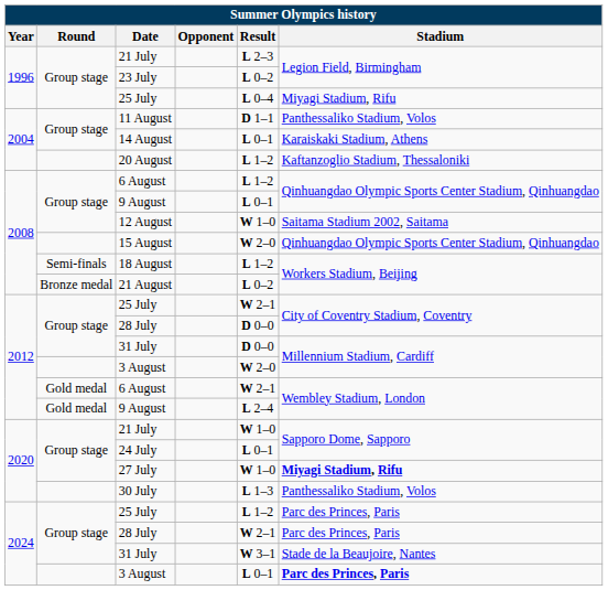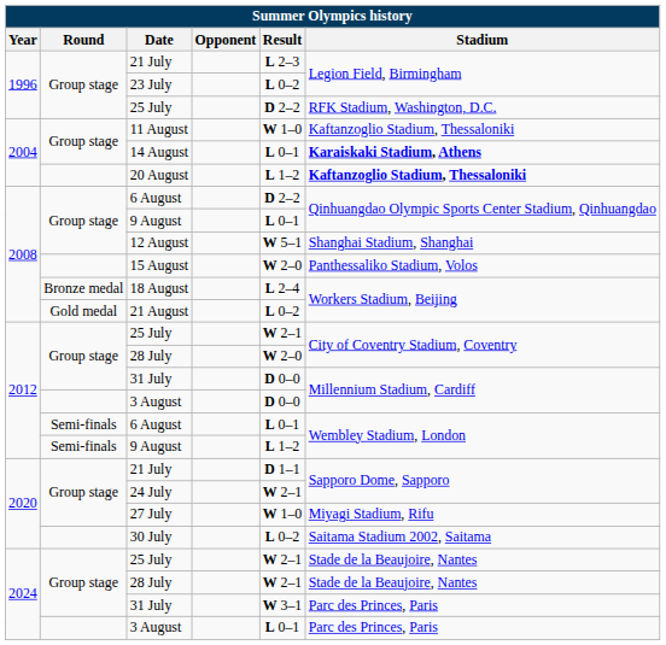 <table class="wikitable mw-collapsible" style="text-align: center;font-size:100%;">
 <tr>
 <th colspan=6 style="background: #013A5E; color: #FFFFFF;">Summer Olympics history</th>
 </tr>
 <tr>
 <th>Year</th>
 <th>Round</th>
 <th>Date</th>
 <th>Opponent</th>
 <th>Result</th>
 <th>Stadium</th>
 </tr>
 <tr>
 <td rowspan=3> <a href='#'>1996</a></td>
 <td rowspan=3>Group stage</td>
 <td align="left">21 July</td>
 <td align="left"></td>
 <td><strong>L</strong> 2–3</td>
 <td rowspan=2 align="left"><a href='#'>Legion Field</a>, <a href='#'>Birmingham</a></td>
 </tr>
 <tr>
 <td align="left">23 July</td>
 <td align="left"></td>
 <td><strong>L</strong> 0–2</td>
 </tr>
 <tr>
 <td align="left">25 July</td>
 <td align="left"></td>
-<td><strong>L</strong> 0–4</td>
-<td align="left"><a href='#'>Miyagi Stadium</a>, <a href='#'>Rifu</a></td>
+<td><strong>D</strong> 2–2</td>
+<td align="left"><a href='#'>RFK Stadium</a>, <a href='#'>Washington, D.C.</a></td>
 </tr>
 <tr>
 <td rowspan=3> <a href='#'>2004</a></td>
 <td rowspan=2>Group stage</td>
 <td align="left">11 August</td>
 <td align="left"></td>
-<td><strong>D</strong> 1–1</td>
-<td align="left"><a href='#'>Panthessaliko Stadium</a>, <a href='#'>Volos</a></td>
+<td><strong>W</strong> 1–0</td>
+<td align="left"><a href='#'>Kaftanzoglio Stadium</a>, <a href='#'>Thessaloniki</a></td>
 </tr>
 <tr>
 <td align="left">14 August</td>
 <td align="left"></td>
 <td><strong>L</strong> 0–1</td>
-<td align="left"><a href='#'>Karaiskaki Stadium</a>, <a href='#'>Athens</a></td>
+<td align="left"><strong><a href='#'>Karaiskaki Stadium</a>, <a href='#'>Athens</a></strong></td>
 </tr>
 <tr>
 <td></td>
 <td align="left">20 August</td>
 <td align="left"></td>
 <td><strong>L</strong> 1–2</td>
-<td align="left"><a href='#'>Kaftanzoglio Stadium</a>, <a href='#'>Thessaloniki</a></td>
+<td align="left"><strong><a href='#'>Kaftanzoglio Stadium</a>, <a href='#'>Thessaloniki</a></strong></td>
 </tr>
 <tr>
 <td rowspan=6> <a href='#'>2008</a></td>
 <td rowspan=3>Group stage</td>
 <td align="left">6 August</td>
 <td align="left"></td>
-<td><strong>L</strong> 1–2</td>
+<td><strong>D</strong> 2–2</td>
 <td rowspan=2 align="left"><a href='#'>Qinhuangdao Olympic Sports Center Stadium</a>, <a href='#'>Qinhuangdao</a></td>
 </tr>
 <tr>
 <td align="left">9 August</td>
 <td align="left"></td>
 <td><strong>L</strong> 0–1</td>
 </tr>
 <tr>
 <td align="left">12 August</td>
 <td align="left"></td>
-<td><strong>W</strong> 1–0</td>
-<td align="left"><a href='#'>Saitama Stadium 2002</a>, <a href='#'>Saitama</a></td>
+<td><strong>W</strong> 5–1</td>
+<td align="left"><a href='#'>Shanghai Stadium</a>, <a href='#'>Shanghai</a></td>
 </tr>
 <tr>
 <td></td>
 <td align="left">15 August</td>
 <td align="left"></td>
 <td><strong>W</strong> 2–0</td>
-<td align="left"><a href='#'>Qinhuangdao Olympic Sports Center Stadium</a>, <a href='#'>Qinhuangdao</a></td>
+<td align="left"><a href='#'>Panthessaliko Stadium</a>, <a href='#'>Volos</a></td>
 </tr>
 <tr>
-<td>Semi-finals</td>
+<td>Bronze medal</td>
 <td align="left">18 August</td>
 <td align="left"></td>
-<td><strong>L</strong> 1–2</td>
+<td><strong>L</strong> 2–4</td>
 <td rowspan=2 align="left"><a href='#'>Workers Stadium</a>, <a href='#'>Beijing</a></td>
 </tr>
 <tr>
-<td>Bronze medal</td>
+<td>Gold medal</td>
 <td align="left">21 August</td>
 <td align="left"></td>
 <td><strong>L</strong> 0–2</td>
 </tr>
 <tr>
 <td rowspan=6> <a href='#'>2012</a></td>
 <td rowspan=3>Group stage</td>
 <td align="left">25 July</td>
 <td align="left"></td>
 <td><strong>W</strong> 2–1</td>
 <td rowspan=2 align="left"><a href='#'>City of Coventry Stadium</a>, <a href='#'>Coventry</a></td>
 </tr>
 <tr>
 <td align="left">28 July</td>
 <td align="left"></td>
-<td><strong>D</strong> 0–0</td>
+<td><strong>W</strong> 2–0</td>
 </tr>
 <tr>
 <td align="left">31 July</td>
 <td align="left"></td>
 <td><strong>D</strong> 0–0</td>
 <td rowspan=2 align="left"><a href='#'>Millennium Stadium</a>, <a href='#'>Cardiff</a></td>
 </tr>
 <tr>
 <td></td>
 <td align="left">3 August</td>
 <td align="left"></td>
-<td><strong>W</strong> 2–0</td>
+<td><strong>D</strong> 0–0</td>
 </tr>
 <tr>
-<td>Gold medal</td>
+<td>Semi-finals</td>
 <td align="left">6 August</td>
 <td align="left"></td>
-<td><strong>W</strong> 2–1</td>
+<td><strong>L</strong> 0–1</td>
 <td rowspan=2 align="left"><a href='#'>Wembley Stadium</a>, <a href='#'>London</a></td>
 </tr>
 <tr>
-<td>Gold medal</td>
+<td>Semi-finals</td>
 <td align="left">9 August</td>
 <td align="left"></td>
-<td><strong>L</strong> 2–4</td>
+<td><strong>L</strong> 1–2</td>
 </tr>
 <tr>
 <td rowspan=4> <a href='#'>2020</a></td>
 <td rowspan=3>Group stage</td>
 <td align="left">21 July</td>
 <td align="left"></td>
-<td><strong>W</strong> 1–0</td>
+<td><strong>D</strong> 1–1</td>
 <td rowspan="2" align="left"><a href='#'>Sapporo Dome</a>, <a href='#'>Sapporo</a></td>
 </tr>
 <tr>
 <td align="left">24 July</td>
 <td align="left"></td>
-<td><strong>L</strong> 0–1</td>
+<td><strong>W</strong> 2–1</td>
 </tr>
 <tr>
 <td align="left">27 July</td>
 <td align="left"></td>
 <td><strong>W</strong> 1–0</td>
-<td align="left"><strong><a href='#'>Miyagi Stadium</a>, <a href='#'>Rifu</a></strong></td>
+<td align="left"><a href='#'>Miyagi Stadium</a>, <a href='#'>Rifu</a></td>
 </tr>
 <tr>
 <td></td>
 <td align="left">30 July</td>
 <td align="left"></td>
-<td><strong>L</strong> 1–3</td>
-<td align="left"><a href='#'>Panthessaliko Stadium</a>, <a href='#'>Volos</a></td>
+<td><strong>L</strong> 0–2</td>
+<td align="left"><a href='#'>Saitama Stadium 2002</a>, <a href='#'>Saitama</a></td>
 </tr>
 <tr>
 <td rowspan=4> <a href='#'>2024</a></td>
 <td rowspan=3>Group stage</td>
 <td align="left">25 July</td>
 <td align="left"></td>
-<td><strong>L</strong> 1–2</td>
-<td align="left"><a href='#'>Parc des Princes</a>, <a href='#'>Paris</a></td>
+<td><strong>W</strong> 2–1</td>
+<td align="left"><a href='#'>Stade de la Beaujoire</a>, <a href='#'>Nantes</a></td>
 </tr>
 <tr>
 <td align="left">28 July</td>
 <td align="left"></td>
 <td><strong>W</strong> 2–1</td>
-<td align="left"><a href='#'>Parc des Princes</a>, <a href='#'>Paris</a></td>
+<td align="left"><a href='#'>Stade de la Beaujoire</a>, <a href='#'>Nantes</a></td>
 </tr>
 <tr>
 <td align="left">31 July</td>
 <td align="left"></td>
 <td><strong>W</strong> 3–1</td>
-<td align="left"><a href='#'>Stade de la Beaujoire</a>, <a href='#'>Nantes</a></td>
+<td align="left"><a href='#'>Parc des Princes</a>, <a href='#'>Paris</a></td>
 </tr>
 <tr>
 <td></td>
 <td align="left">3 August</td>
 <td align="left"></td>
 <td><strong>L</strong> 0–1 </td>
-<td align="left"><strong><a href='#'>Parc des Princes</a>, <a href='#'>Paris</a></strong></td>
+<td align="left"><a href='#'>Parc des Princes</a>, <a href='#'>Paris</a></td>
 </tr>
 </table>
